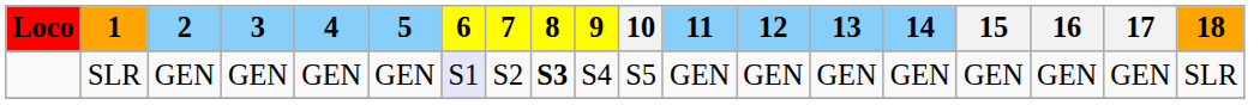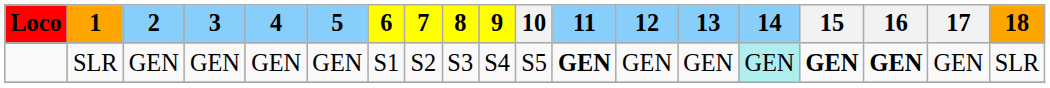 <table class="wikitable plainrowheaders unsortable" style="text-align:center">
 <tr>
 <th scope="col" rowspan="1" style="background:red;">Loco</th>
 <th scope="col" rowspan="1" style="background:orange;">1</th>
 <th scope="col" rowspan="1" style="background:lightskyblue;">2</th>
 <th scope="col" rowspan="1" style="background:lightskyblue;">3</th>
 <th scope="col" rowspan="1" style="background:lightskyblue;">4</th>
 <th scope="col" rowspan="1" style="background:lightskyblue;">5</th>
 <th scope="col" rowspan="1" style="background:yellow;">6</th>
 <th scope="col" rowspan="1" style="background:yellow;">7</th>
 <th scope="col" rowspan="1" style="background:yellow;">8</th>
 <th scope="col" rowspan="1" style="background:yellow;">9</th>
 <th rowspan="1"><strong>10</strong></th>
 <th rowspan="1" scope="col" style="background:lightskyblue;">11</th>
 <th rowspan="1" scope="col" style="background:lightskyblue;">12</th>
 <th rowspan="1" scope="col" style="background:lightskyblue;">13</th>
 <th rowspan="1" scope="col" style="background:lightskyblue;">14</th>
 <th>15</th>
 <th>16</th>
 <th>17</th>
 <th rowspan="1" scope="col" style="background:orange;">18</th>
 </tr>
 <tr>
 <td></td>
 <td>SLR</td>
 <td>GEN</td>
 <td>GEN</td>
 <td>GEN</td>
 <td>GEN</td>
-<td style="background: lavender;">S1</td>
+<td>S1</td>
 <td>S2</td>
-<td><strong>S3</strong></td>
+<td>S3</td>
 <td>S4</td>
 <td>S5</td>
+<td><strong>GEN</strong></td>
 <td>GEN</td>
 <td>GEN</td>
-<td>GEN</td>
-<td>GEN</td>
-<td>GEN</td>
-<td>GEN</td>
+<td style="background: paleturquoise;">GEN</td>
+<td><strong>GEN</strong></td>
+<td><strong>GEN</strong></td>
 <td>GEN</td>
 <td>SLR</td>
 </tr>
 <tr>
 </tr>
 </table>
